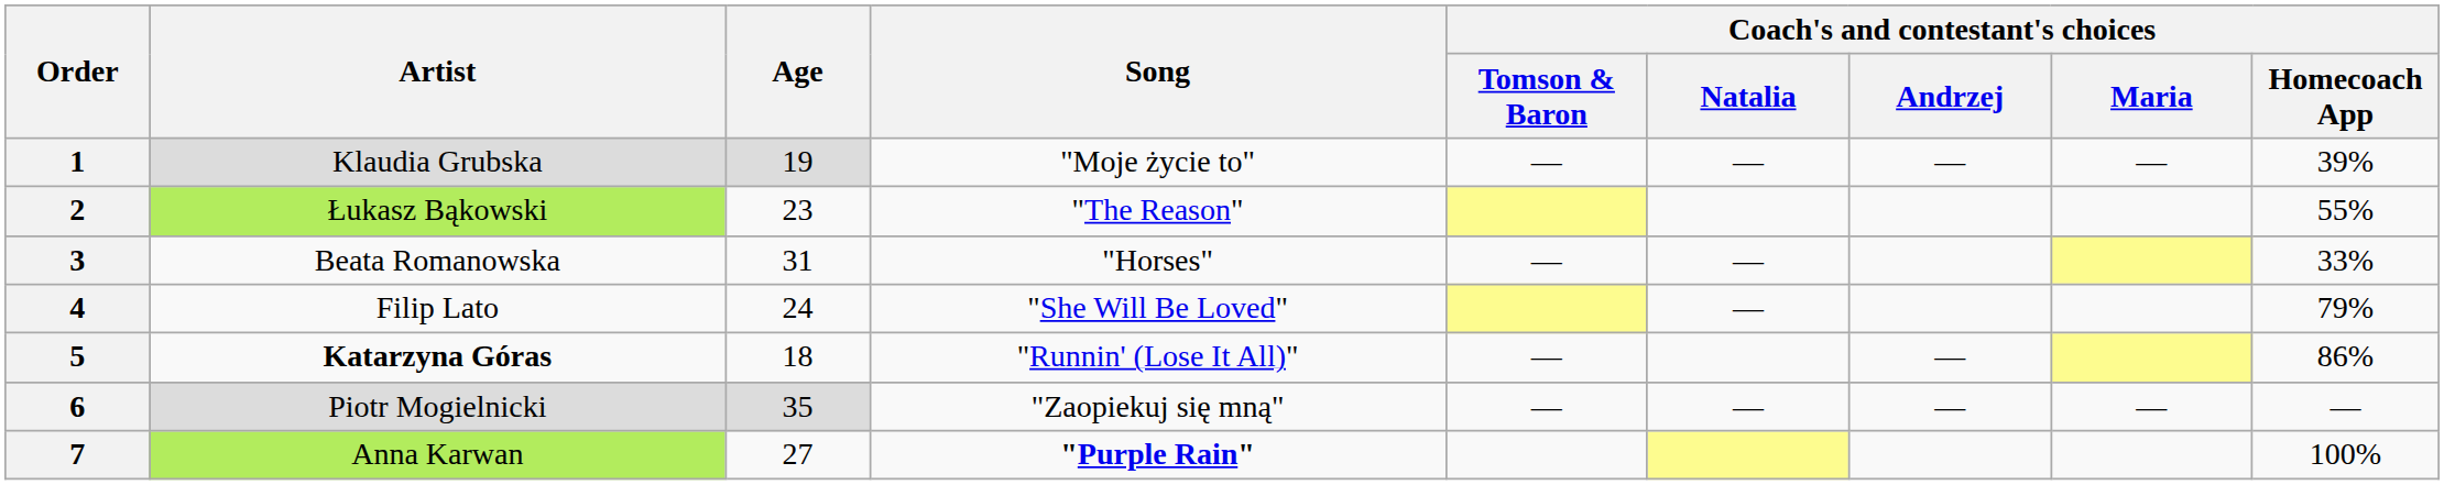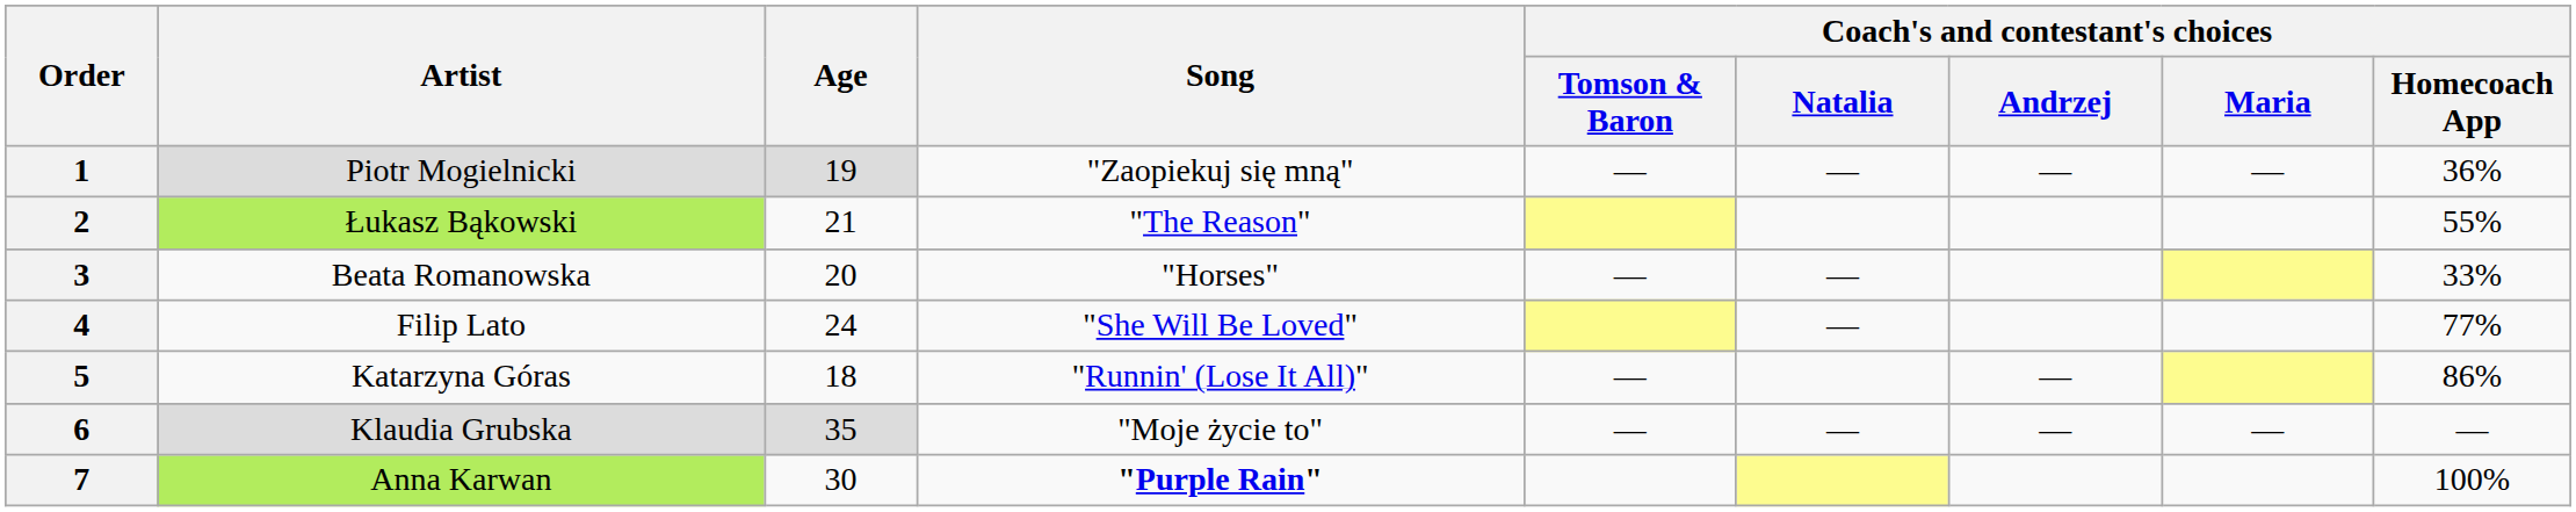 <table class="wikitable" style="text-align:center; width:100%;">
 <tr>
 <th scope="col" rowspan="2" style="width:05%;">Order</th>
 <th scope="col" rowspan="2" style="width:20%;">Artist</th>
 <th scope="col" rowspan="2" style="width:05%;">Age</th>
 <th scope="col" rowspan="2" style="width:20%;">Song</th>
 <th scope="col" colspan="5" style="width:32%;">Coach's and contestant's choices</th>
 </tr>
 <tr>
 <th style="width:07%;"><a href='#'>Tomson & Baron</a></th>
 <th style="width:07%;"><a href='#'>Natalia</a></th>
 <th style="width:07%;"><a href='#'>Andrzej</a></th>
 <th style="width:07%;"><a href='#'>Maria</a></th>
 <th style="width:04%;">Homecoach App</th>
 </tr>
 <tr>
 <th>1</th>
-<td style="background:#DCDCDC;">Klaudia Grubska</td>
+<td style="background:#DCDCDC;">Piotr Mogielnicki</td>
 <td style="background:#DCDCDC;">19</td>
-<td>"Moje życie to"</td>
+<td>"Zaopiekuj się mną"</td>
 <td>—</td>
 <td>—</td>
 <td>—</td>
 <td>—</td>
-<td>39%</td>
+<td>36%</td>
 </tr>
 <tr>
 <th>2</th>
 <td style="background-color:#B2EC5D;">Łukasz Bąkowski</td>
-<td>23</td>
+<td>21</td>
 <td>"<a href='#'>The Reason</a>"</td>
 <td style="background:#fdfc8f;"><strong></strong></td>
 <td><strong></strong></td>
 <td><strong></strong></td>
 <td><strong></strong></td>
 <td>55%</td>
 </tr>
 <tr>
 <th>3</th>
 <td>Beata Romanowska</td>
-<td>31</td>
+<td>20</td>
 <td>"Horses"</td>
 <td>—</td>
 <td>—</td>
 <td><strong></strong></td>
 <td style="background:#fdfc8f;"><strong></strong></td>
 <td>33%</td>
 </tr>
 <tr>
 <th>4</th>
 <td>Filip Lato</td>
 <td>24</td>
 <td>"<a href='#'>She Will Be Loved</a>"</td>
 <td style="background:#fdfc8f;"><strong></strong></td>
 <td>—</td>
 <td><strong></strong></td>
 <td><strong></strong></td>
-<td>79%</td>
+<td>77%</td>
 </tr>
 <tr>
 <th>5</th>
-<td><strong>Katarzyna Góras</strong></td>
+<td>Katarzyna Góras</td>
 <td>18</td>
 <td>"<a href='#'>Runnin' (Lose It All)</a>"</td>
 <td>—</td>
 <td><strong></strong></td>
 <td>—</td>
 <td style="background:#fdfc8f;"><strong></strong></td>
 <td>86%</td>
 </tr>
 <tr>
 <th>6</th>
-<td style="background:#DCDCDC;">Piotr Mogielnicki</td>
+<td style="background:#DCDCDC;">Klaudia Grubska</td>
 <td style="background:#DCDCDC;">35</td>
-<td>"Zaopiekuj się mną"</td>
+<td>"Moje życie to"</td>
 <td>—</td>
 <td>—</td>
 <td>—</td>
 <td>—</td>
 <td>—</td>
 </tr>
 <tr>
 <th>7</th>
 <td style="background-color:#B2EC5D;">Anna Karwan</td>
-<td>27</td>
+<td>30</td>
 <td><strong>"<a href='#'>Purple Rain</a>"</strong></td>
 <td><strong></strong></td>
 <td style="background:#fdfc8f;"><strong></strong></td>
 <td><strong></strong></td>
 <td><strong></strong></td>
 <td>100%</td>
 </tr>
 </table>
